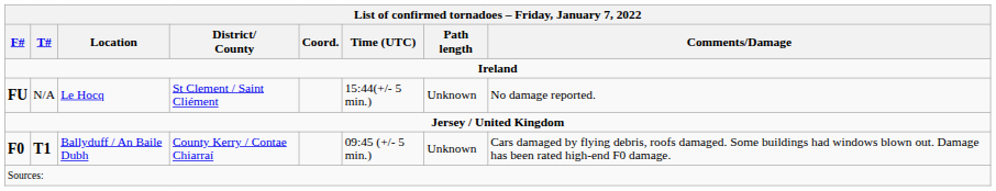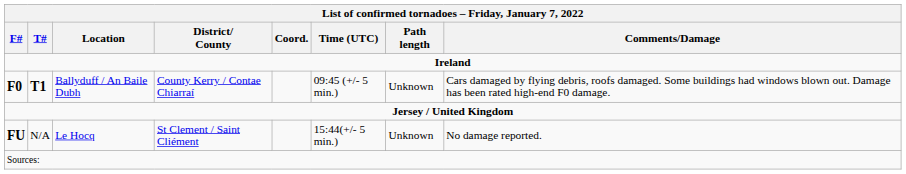 <table class="wikitable collapsible" width="100%">
 <tr>
 <th colspan="8">List of confirmed tornadoes – Friday, January 7, 2022</th>
 </tr>
 <tr>
 <th><a href='#'>F#</a></th>
 <th><a href='#'>T#</a></th>
 <th>Location</th>
 <th>District/<br>County</th>
 <th>Coord.</th>
 <th>Time (UTC)</th>
 <th>Path length</th>
 <th>Comments/Damage</th>
 </tr>
 <tr>
 <td colspan="8" align=center><strong>Ireland</strong></td>
 </tr>
 <tr>
+<td><big><strong>F0</strong></big></td>
+<td><big><strong>T1</strong></big></td>
+<td><a href='#'>Ballyduff / An Baile Dubh</a></td>
+<td><a href='#'>County Kerry / Contae Chiarraí</a></td>
+<td></td>
+<td>09:45 (+/- 5 min.)</td>
+<td>Unknown</td>
+<td>Cars damaged by flying debris, roofs damaged. Some buildings had windows blown out. Damage has been rated high-end F0 damage.</td>
+</tr>
+<tr>
+<td colspan="8" align=center><strong>Jersey / United Kingdom</strong></td>
+</tr>
+<tr>
 <td><big><strong>FU</strong></big></td>
 <td>N/A</td>
 <td><a href='#'>Le Hocq</a></td>
 <td><a href='#'>St Clement / Saint Cliément</a></td>
 <td></td>
 <td>15:44(+/- 5 min.)</td>
 <td>Unknown</td>
 <td>No damage reported.</td>
 </tr>
 <tr>
-<td colspan="8" align=center><strong>Jersey / United Kingdom</strong></td>
-</tr>
-<tr>
-<td><big><strong>F0</strong></big></td>
-<td><big><strong>T1</strong></big></td>
-<td><a href='#'>Ballyduff / An Baile Dubh</a></td>
-<td><a href='#'>County Kerry / Contae Chiarraí</a></td>
-<td></td>
-<td>09:45 (+/- 5 min.)</td>
-<td>Unknown</td>
-<td>Cars damaged by flying debris, roofs damaged. Some buildings had windows blown out. Damage has been rated high-end F0 damage.</td>
-</tr>
-<tr>
 <td colspan="8"><small>Sources:  </small></td>
 </tr>
 </table>
